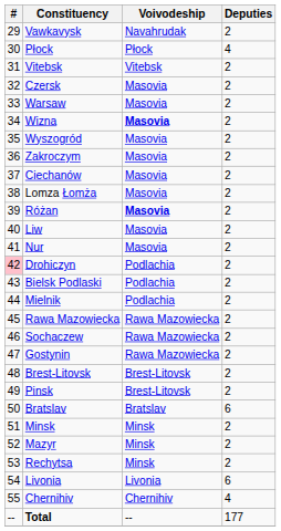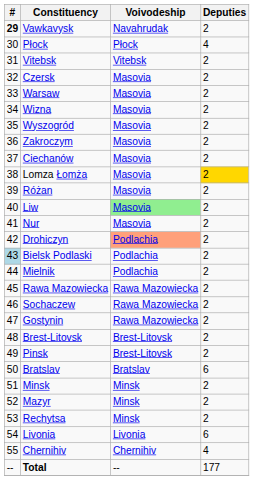 <table class="wikitable sortable">
 <tr>
 <th>#</th>
 <th>Constituency</th>
 <th>Voivodeship</th>
 <th>Deputies</th>
 </tr>
 <tr>
-<td>29</td>
+<td><strong>29</strong></td>
 <td><a href='#'>Vawkavysk</a></td>
 <td><a href='#'>Navahrudak</a></td>
 <td>2</td>
 </tr>
 <tr>
 <td>30</td>
 <td><a href='#'>Płock</a></td>
 <td><a href='#'>Płock</a></td>
 <td>4</td>
 </tr>
 <tr>
 <td>31</td>
 <td><a href='#'>Vitebsk</a></td>
 <td><a href='#'>Vitebsk</a></td>
 <td>2</td>
 </tr>
 <tr>
 <td>32</td>
 <td><a href='#'>Czersk</a></td>
 <td><a href='#'>Masovia</a></td>
 <td>2</td>
 </tr>
 <tr>
 <td>33</td>
 <td><a href='#'>Warsaw</a></td>
 <td><a href='#'>Masovia</a></td>
 <td>2</td>
 </tr>
 <tr>
 <td>34</td>
 <td><a href='#'>Wizna</a></td>
-<td><strong><a href='#'>Masovia</a></strong></td>
+<td><a href='#'>Masovia</a></td>
 <td>2</td>
 </tr>
 <tr>
 <td>35</td>
 <td><a href='#'>Wyszogród</a></td>
 <td><a href='#'>Masovia</a></td>
 <td>2</td>
 </tr>
 <tr>
 <td>36</td>
 <td><a href='#'>Zakroczym</a></td>
 <td><a href='#'>Masovia</a></td>
 <td>2</td>
 </tr>
 <tr>
 <td>37</td>
 <td><a href='#'>Ciechanów</a></td>
 <td><a href='#'>Masovia</a></td>
 <td>2</td>
 </tr>
 <tr>
 <td>38</td>
 <td><span>Lomza</span> <a href='#'>Łomża</a></td>
 <td><a href='#'>Masovia</a></td>
-<td>2</td>
+<td style="background: gold;">2</td>
 </tr>
 <tr>
 <td>39</td>
 <td><a href='#'>Różan</a></td>
-<td><strong><a href='#'>Masovia</a></strong></td>
+<td><a href='#'>Masovia</a></td>
 <td>2</td>
 </tr>
 <tr>
 <td>40</td>
 <td><a href='#'>Liw</a></td>
-<td><a href='#'>Masovia</a></td>
+<td style="background: lightgreen;"><a href='#'>Masovia</a></td>
 <td>2</td>
 </tr>
 <tr>
 <td>41</td>
 <td><a href='#'>Nur</a></td>
 <td><a href='#'>Masovia</a></td>
 <td>2</td>
 </tr>
 <tr>
-<td style="background: pink;">42</td>
+<td>42</td>
 <td><a href='#'>Drohiczyn</a></td>
-<td><a href='#'>Podlachia</a></td>
+<td style="background: lightsalmon;"><a href='#'>Podlachia</a></td>
 <td>2</td>
 </tr>
 <tr>
-<td>43</td>
+<td style="background: lightblue;">43</td>
 <td><a href='#'>Bielsk Podlaski</a></td>
 <td><a href='#'>Podlachia</a></td>
 <td>2</td>
 </tr>
 <tr>
 <td>44</td>
 <td><a href='#'>Mielnik</a></td>
 <td><a href='#'>Podlachia</a></td>
 <td>2</td>
 </tr>
 <tr>
 <td>45</td>
 <td><a href='#'>Rawa Mazowiecka</a></td>
 <td><a href='#'>Rawa Mazowiecka</a></td>
 <td>2</td>
 </tr>
 <tr>
 <td>46</td>
 <td><a href='#'>Sochaczew</a></td>
 <td><a href='#'>Rawa Mazowiecka</a></td>
 <td>2</td>
 </tr>
 <tr>
 <td>47</td>
 <td><a href='#'>Gostynin</a></td>
 <td><a href='#'>Rawa Mazowiecka</a></td>
 <td>2</td>
 </tr>
 <tr>
 <td>48</td>
 <td><a href='#'>Brest-Litovsk</a></td>
 <td><a href='#'>Brest-Litovsk</a></td>
 <td>2</td>
 </tr>
 <tr>
 <td>49</td>
 <td><a href='#'>Pinsk</a></td>
 <td><a href='#'>Brest-Litovsk</a></td>
 <td>2</td>
 </tr>
 <tr>
 <td>50</td>
 <td><a href='#'>Bratslav</a></td>
 <td><a href='#'>Bratslav</a></td>
 <td>6</td>
 </tr>
 <tr>
 <td>51</td>
 <td><a href='#'>Minsk</a></td>
 <td><a href='#'>Minsk</a></td>
 <td>2</td>
 </tr>
 <tr>
 <td>52</td>
 <td><a href='#'>Mazyr</a></td>
 <td><a href='#'>Minsk</a></td>
 <td>2</td>
 </tr>
 <tr>
 <td>53</td>
 <td><a href='#'>Rechytsa</a></td>
 <td><a href='#'>Minsk</a></td>
 <td>2</td>
 </tr>
 <tr>
 <td>54</td>
 <td><a href='#'>Livonia</a></td>
 <td><a href='#'>Livonia</a></td>
 <td>6</td>
 </tr>
 <tr>
 <td>55</td>
 <td><a href='#'>Chernihiv</a></td>
 <td><a href='#'>Chernihiv</a></td>
 <td>4</td>
 </tr>
 <tr>
 <td>--</td>
 <td><strong>Total</strong></td>
 <td>--</td>
 <td>177</td>
 </tr>
 <tr>
 </tr>
 </table>
